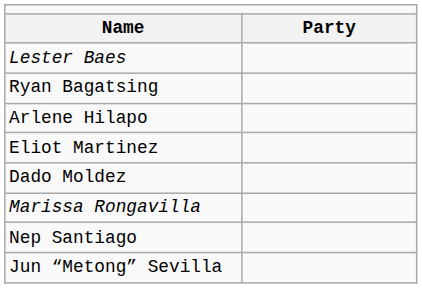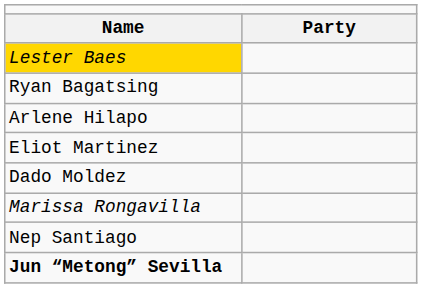 <table class=wikitable style="font-size:90%">
 <tr>
 <td colspan=4 bgcolor=></td>
 </tr>
 <tr>
 <th width=150px>Name</th>
 <th colspan=2 width=110px>Party</th>
 </tr>
 <tr>
-<td><em>Lester Baes</em></td>
+<td style="background: gold;"><em>Lester Baes</em></td>
 <td></td>
 </tr>
 <tr>
 <td>Ryan Bagatsing</td>
 <td></td>
 </tr>
 <tr>
 <td>Arlene Hilapo</td>
 <td></td>
 </tr>
 <tr>
 <td>Eliot Martinez</td>
 <td></td>
 </tr>
 <tr>
 <td>Dado Moldez</td>
 <td></td>
 </tr>
 <tr>
 <td><em>Marissa Rongavilla</em></td>
 <td></td>
 </tr>
 <tr>
 <td>Nep Santiago</td>
 <td></td>
 </tr>
 <tr>
-<td>Jun “Metong” Sevilla</td>
+<td><strong>Jun “Metong” Sevilla</strong></td>
 <td></td>
 </tr>
 </table>
